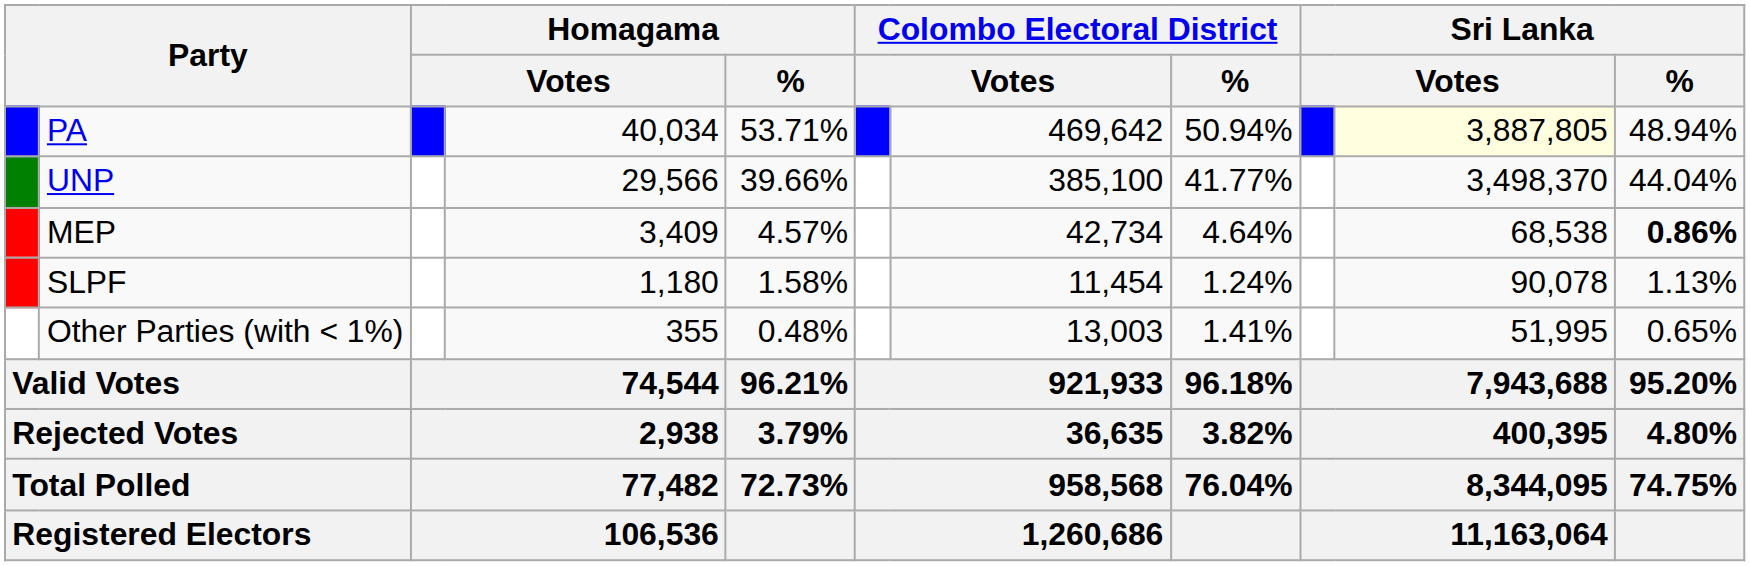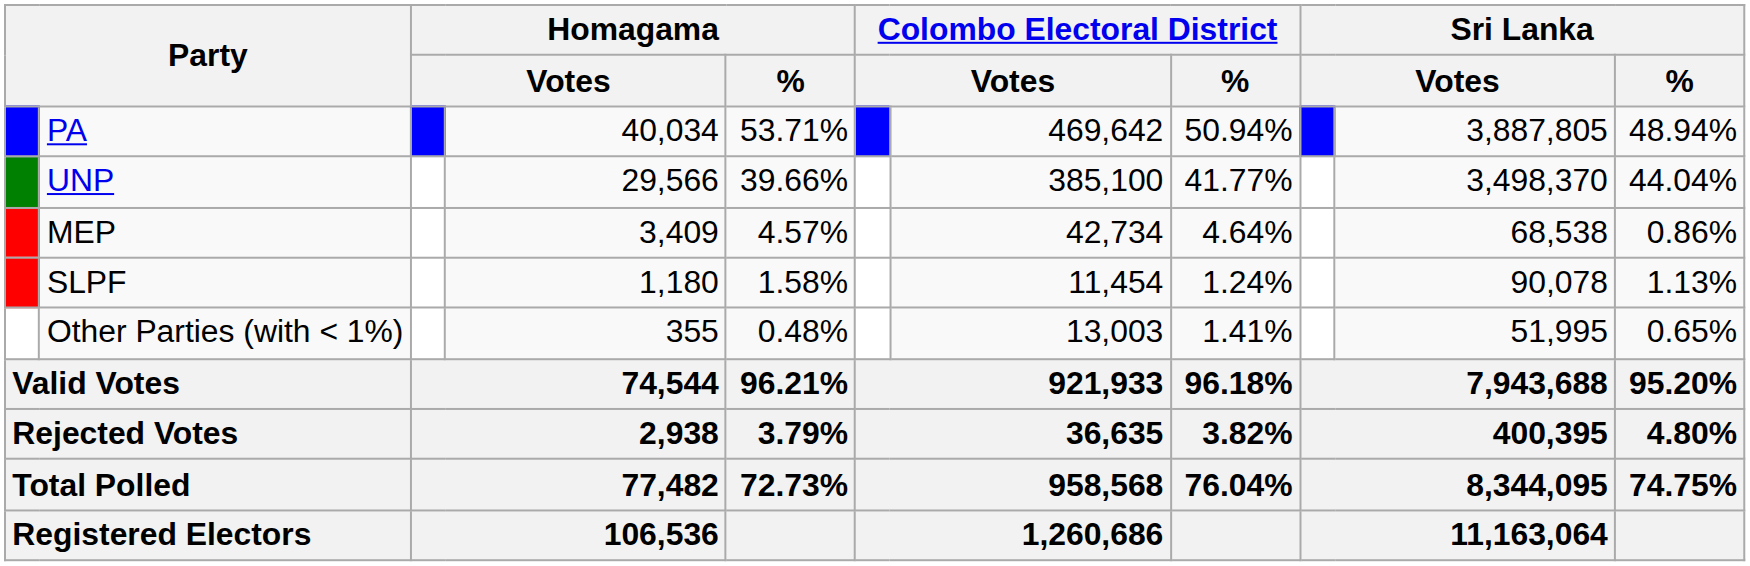 <table class="wikitable">
 <tr>
 <th colspan="2" width="144px"rowspan="2">Party</th>
 <th colspan="3" width="216px">Homagama</th>
 <th colspan="3" width="216px"><a href='#'>Colombo Electoral District</a></th>
 <th colspan="3" width="216px">Sri Lanka</th>
 </tr>
 <tr>
 <th colspan="2" width="144px">Votes</th>
 <th>%</th>
 <th colspan="2" width="144px">Votes</th>
 <th>%</th>
 <th colspan="2" width="144px">Votes</th>
 <th>%</th>
 </tr>
 <tr>
 <td style="background-color:blue;" width="10px"></td>
 <td style="text-align:left;"><a href='#'>PA</a></td>
 <td style="background-color:blue;" width="10px"></td>
 <td style="text-align:right;">40,034</td>
 <td style="text-align:right;">53.71%</td>
 <td style="background-color:blue;" width="10px"></td>
 <td style="text-align:right;">469,642</td>
 <td style="text-align:right;">50.94%</td>
 <td style="background-color:blue;" width="10px"></td>
-<td style="background: lightyellow; text-align:right;">3,887,805</td>
+<td style="text-align:right;">3,887,805</td>
 <td style="text-align:right;">48.94%</td>
 </tr>
 <tr>
 <td style="background-color:green;" width="10px"></td>
 <td style="text-align:left;"><a href='#'>UNP</a></td>
 <td style="background-color:white;" width="10px"></td>
 <td style="text-align:right;">29,566</td>
 <td style="text-align:right;">39.66%</td>
 <td style="background-color:white;" width="10px"></td>
 <td style="text-align:right;">385,100</td>
 <td style="text-align:right;">41.77%</td>
 <td style="background-color:white;" width="10px"></td>
 <td style="text-align:right;">3,498,370</td>
 <td style="text-align:right;">44.04%</td>
 </tr>
 <tr>
 <td style="background-color:red;" width="10px"></td>
 <td style="text-align:left;">MEP</td>
 <td style="background-color:white;" width="10px"></td>
 <td style="text-align:right;">3,409</td>
 <td style="text-align:right;">4.57%</td>
 <td style="background-color:white;" width="10px"></td>
 <td style="text-align:right;">42,734</td>
 <td style="text-align:right;">4.64%</td>
 <td style="background-color:white;" width="10px"></td>
 <td style="text-align:right;">68,538</td>
-<td style="text-align:right;"><strong>0.86%</strong></td>
+<td style="text-align:right;">0.86%</td>
 </tr>
 <tr>
 <td style="background-color:red;" width="10px"></td>
 <td style="text-align:left;">SLPF</td>
 <td style="background-color:white;" width="10px"></td>
 <td style="text-align:right;">1,180</td>
 <td style="text-align:right;">1.58%</td>
 <td style="background-color:white;" width="10px"></td>
 <td style="text-align:right;">11,454</td>
 <td style="text-align:right;">1.24%</td>
 <td style="background-color:white;" width="10px"></td>
 <td style="text-align:right;">90,078</td>
 <td style="text-align:right;">1.13%</td>
 </tr>
 <tr>
 <td style="background-color:white;" width="10px"></td>
 <td style="text-align:left;">Other Parties (with < 1%)</td>
 <td style="background-color:white;" width="10px"></td>
 <td style="text-align:right;">355</td>
 <td style="text-align:right;">0.48%</td>
 <td style="background-color:white;" width="10px"></td>
 <td style="text-align:right;">13,003</td>
 <td style="text-align:right;">1.41%</td>
 <td style="background-color:white;" width="10px"></td>
 <td style="text-align:right;">51,995</td>
 <td style="text-align:right;">0.65%</td>
 </tr>
 <tr>
 <th colspan="2" width="144px"style="text-align:left;">Valid Votes</th>
 <th style="text-align:right;"colspan="2" width="144px">74,544</th>
 <th style="text-align:right;">96.21%</th>
 <th style="text-align:right;"colspan="2" width="144px">921,933</th>
 <th style="text-align:right;">96.18%</th>
 <th style="text-align:right;"colspan="2" width="144px">7,943,688</th>
 <th style="text-align:right;">95.20%</th>
 </tr>
 <tr>
 <th colspan="2" width="144px"style="text-align:left;">Rejected Votes</th>
 <th style="text-align:right;"colspan="2" width="144px">2,938</th>
 <th style="text-align:right;">3.79%</th>
 <th style="text-align:right;"colspan="2" width="144px">36,635</th>
 <th style="text-align:right;">3.82%</th>
 <th style="text-align:right;"colspan="2" width="144px">400,395</th>
 <th style="text-align:right;">4.80%</th>
 </tr>
 <tr>
 <th colspan="2" width="144px"style="text-align:left;">Total Polled</th>
 <th style="text-align:right;"colspan="2" width="144px">77,482</th>
 <th style="text-align:right;">72.73%</th>
 <th style="text-align:right;"colspan="2" width="144px">958,568</th>
 <th style="text-align:right;">76.04%</th>
 <th style="text-align:right;"colspan="2" width="144px">8,344,095</th>
 <th style="text-align:right;">74.75%</th>
 </tr>
 <tr>
 <th colspan="2" width="144px"style="text-align:left;">Registered Electors</th>
 <th style="text-align:right;"colspan="2" width="144px">106,536</th>
 <th></th>
 <th style="text-align:right;"colspan="2" width="144px">1,260,686</th>
 <th></th>
 <th style="text-align:right;"colspan="2" width="144px">11,163,064</th>
 <th></th>
 </tr>
 </table>
